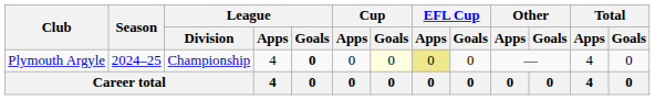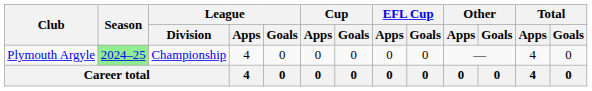 <table class="wikitable" style="text-align:center">
 <tr>
 <th rowspan="2">Club</th>
 <th rowspan="2">Season</th>
 <th colspan="3">League</th>
 <th colspan="2">Cup</th>
 <th colspan="2"><a href='#'>EFL Cup</a></th>
 <th colspan="2">Other</th>
 <th colspan="2">Total</th>
 </tr>
 <tr>
 <th>Division</th>
 <th>Apps</th>
 <th>Goals</th>
 <th>Apps</th>
 <th>Goals</th>
 <th>Apps</th>
 <th>Goals</th>
 <th>Apps</th>
 <th>Goals</th>
 <th>Apps</th>
 <th>Goals</th>
 </tr>
 <tr>
 <td><a href='#'>Plymouth Argyle</a></td>
-<td><a href='#'>2024–25</a></td>
+<td style="background: lightgreen;"><a href='#'>2024–25</a></td>
 <td><a href='#'>Championship</a></td>
 <td>4</td>
-<td><strong>0</strong></td>
 <td>0</td>
-<td style="background: lightyellow;">0</td>
-<td style="background: khaki;">0</td>
+<td>0</td>
+<td>0</td>
+<td>0</td>
 <td>0</td>
 <td colspan="2">—</td>
 <td>4</td>
 <td>0</td>
 </tr>
 <tr>
 <th colspan="3">Career total</th>
 <th>4</th>
 <th>0</th>
 <th>0</th>
 <th>0</th>
 <th>0</th>
 <th>0</th>
 <th>0</th>
 <th>0</th>
 <th>4</th>
 <th>0</th>
 </tr>
 </table>
